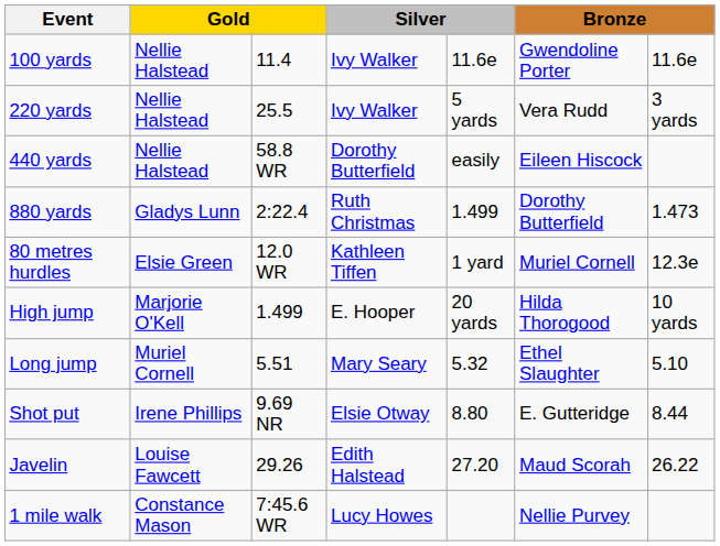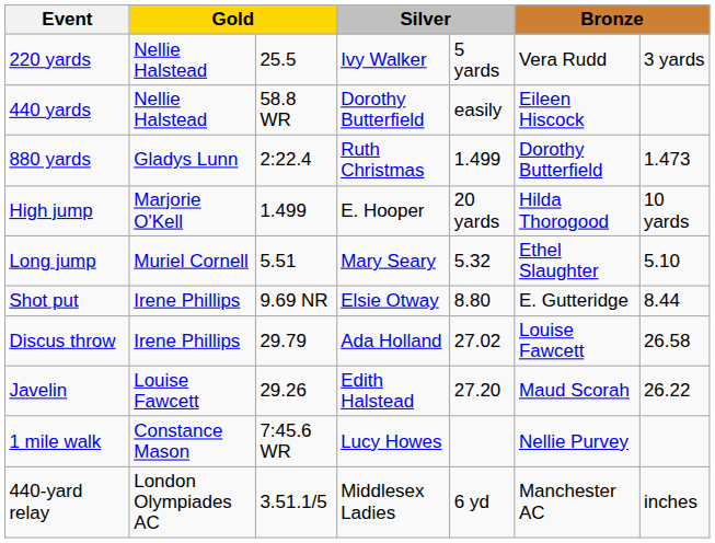 <table class="wikitable" style="text-align:left">
 <tr>
 <th width=100>Event</th>
 <th colspan="2" width="280" style="background:gold;">Gold</th>
 <th colspan="2" width="280" style="background:silver;">Silver</th>
 <th colspan="2" width="280" style="background:#CD7F32;">Bronze</th>
-</tr>
-<tr>
-<td><a href='#'>100 yards</a></td>
-<td><a href='#'>Nellie Halstead</a></td>
-<td>11.4</td>
-<td><a href='#'>Ivy Walker</a></td>
-<td>11.6e</td>
-<td><a href='#'>Gwendoline Porter</a></td>
-<td>11.6e</td>
 </tr>
 <tr>
 <td><a href='#'>220 yards</a></td>
 <td><a href='#'>Nellie Halstead</a></td>
 <td>25.5</td>
 <td><a href='#'>Ivy Walker</a></td>
 <td>5 yards</td>
 <td>Vera Rudd</td>
 <td>3 yards</td>
 </tr>
 <tr>
 <td><a href='#'>440 yards</a></td>
 <td><a href='#'>Nellie Halstead</a></td>
 <td>58.8 WR</td>
 <td><a href='#'>Dorothy Butterfield</a></td>
 <td>easily</td>
 <td><a href='#'>Eileen Hiscock</a></td>
 <td></td>
 </tr>
 <tr>
 <td><a href='#'>880 yards</a></td>
 <td><a href='#'>Gladys Lunn</a></td>
 <td>2:22.4</td>
 <td><a href='#'>Ruth Christmas</a></td>
 <td>1.499</td>
 <td><a href='#'>Dorothy Butterfield</a></td>
 <td>1.473</td>
 </tr>
 <tr>
-<td><a href='#'>80 metres hurdles</a></td>
-<td><a href='#'>Elsie Green</a></td>
-<td>12.0 WR</td>
-<td><a href='#'>Kathleen Tiffen</a></td>
-<td>1 yard</td>
-<td><a href='#'>Muriel Cornell</a></td>
-<td>12.3e</td>
-</tr>
-<tr>
 <td><a href='#'>High jump</a></td>
 <td><a href='#'>Marjorie O'Kell</a></td>
 <td>1.499</td>
 <td>E. Hooper</td>
 <td>20 yards</td>
 <td><a href='#'>Hilda Thorogood</a></td>
 <td>10 yards</td>
 </tr>
 <tr>
 <td><a href='#'>Long jump</a></td>
 <td><a href='#'>Muriel Cornell</a></td>
 <td>5.51</td>
 <td><a href='#'>Mary Seary</a></td>
 <td>5.32</td>
 <td><a href='#'>Ethel Slaughter</a></td>
 <td>5.10</td>
 </tr>
 <tr>
 <td><a href='#'>Shot put</a></td>
 <td><a href='#'>Irene Phillips</a></td>
 <td>9.69 NR</td>
 <td><a href='#'>Elsie Otway</a></td>
 <td>8.80</td>
 <td>E. Gutteridge</td>
 <td>8.44</td>
 </tr>
 <tr>
+<td><a href='#'>Discus throw</a></td>
+<td><a href='#'>Irene Phillips</a></td>
+<td>29.79</td>
+<td><a href='#'>Ada Holland</a></td>
+<td>27.02</td>
+<td><a href='#'>Louise Fawcett</a></td>
+<td>26.58</td>
+</tr>
+<tr>
 <td><a href='#'>Javelin</a></td>
 <td><a href='#'>Louise Fawcett</a></td>
 <td>29.26</td>
 <td><a href='#'>Edith Halstead</a></td>
 <td>27.20</td>
 <td><a href='#'>Maud Scorah</a></td>
 <td>26.22</td>
 </tr>
 <tr>
 <td><a href='#'>1 mile walk</a></td>
 <td><a href='#'>Constance Mason</a></td>
 <td>7:45.6 WR</td>
 <td><a href='#'>Lucy Howes</a></td>
 <td></td>
 <td><a href='#'>Nellie Purvey</a></td>
 <td></td>
 </tr>
+<tr>
+<td>440-yard relay</td>
+<td>London Olympiades AC</td>
+<td>3.51.1/5</td>
+<td>Middlesex Ladies</td>
+<td>6 yd</td>
+<td>Manchester AC</td>
+<td>inches</td>
+</tr>
 </table>
